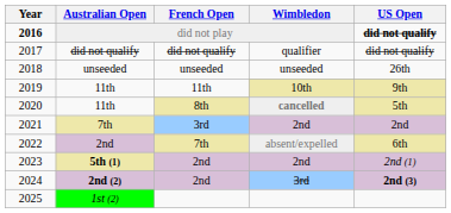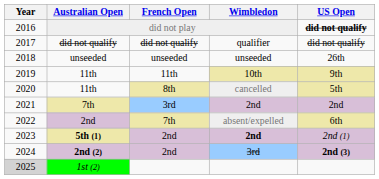 <table class="wikitable" style="text-align:center">
 <tr>
 <th width="80">Year</th>
 <th width="160"><a href='#'>Australian Open</a></th>
 <th width="160"><a href='#'>French Open</a></th>
 <th width="160"><a href='#'>Wimbledon</a></th>
 <th width="160"><a href='#'>US Open</a></th>
 </tr>
 <tr>
-<td><strong>2016</strong></td>
+<td>2016</td>
 <td colspan="3" style="color:#767676" bgcolor="efefef">did not play</td>
 <td><strong><s>did not qualify</s></strong></td>
 </tr>
 <tr>
 <td>2017</td>
 <td><s>did not qualify</s></td>
 <td><s>did not qualify</s></td>
 <td>qualifier</td>
 <td><s>did not qualify</s></td>
 </tr>
 <tr>
 <td>2018</td>
 <td>unseeded</td>
 <td>unseeded</td>
 <td>unseeded</td>
 <td>26th</td>
 </tr>
 <tr>
 <td>2019</td>
 <td>11th</td>
 <td>11th</td>
 <td bgcolor=eee8aa>10th</td>
 <td bgcolor=eee8aa>9th</td>
 </tr>
 <tr>
 <td>2020</td>
 <td>11th</td>
 <td bgcolor=eee8aa>8th</td>
-<td style=color:#767676 bgcolor=efefef><strong>cancelled</strong></td>
+<td style=color:#767676 bgcolor=efefef>cancelled</td>
 <td bgcolor=eee8aa>5th</td>
 </tr>
 <tr>
 <td>2021</td>
 <td bgcolor=eee8aa>7th</td>
 <td bgcolor=#9cf>3rd</td>
 <td bgcolor=thistle>2nd</td>
 <td bgcolor=thistle>2nd</td>
 </tr>
 <tr>
 <td>2022</td>
 <td bgcolor=thistle>2nd</td>
 <td bgcolor=eee8aa>7th</td>
 <td style=color:#767676 bgcolor=efefef>absent/expelled</td>
 <td bgcolor=eee8aa>6th</td>
 </tr>
 <tr>
 <td>2023</td>
 <td bgcolor=eee8aa><strong>5th <small>(1)</small></strong></td>
 <td bgcolor=thistle>2nd</td>
-<td bgcolor=thistle>2nd</td>
+<td bgcolor=thistle><strong>2nd</strong></td>
 <td bgcolor=thistle><em>2nd <small>(1)</small></em></td>
 </tr>
 <tr>
 <td>2024</td>
 <td bgcolor=thistle><strong>2nd <small>(2)</small></strong></td>
 <td bgcolor=thistle>2nd</td>
 <td bgcolor=#9cf><s>3rd</s></td>
 <td bgcolor=thistle><strong>2nd <small>(3)</small></strong></td>
 </tr>
 <tr>
-<td>2025</td>
+<td style="background: lightgrey;">2025</td>
 <td bgcolor=lime><em>1st <small>(2)</small></em></td>
 <td></td>
 <td></td>
 <td></td>
 </tr>
 </table>
